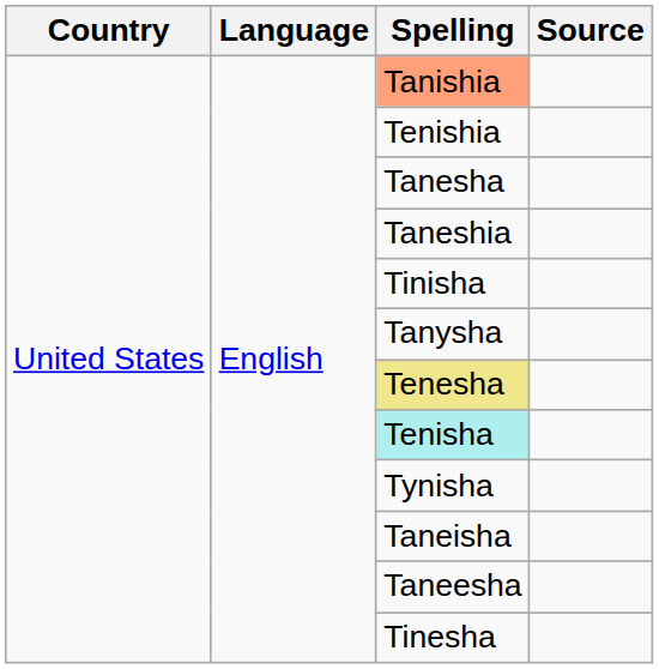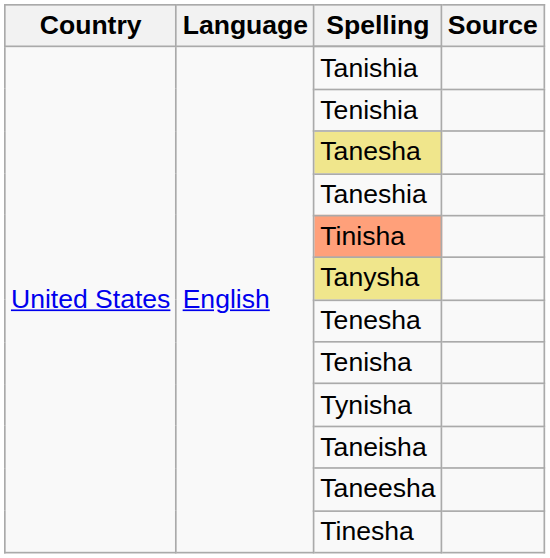 <table class="wikitable sortable">
 <tr>
 <th>Country</th>
 <th>Language</th>
 <th>Spelling</th>
 <th class="unsortable">Source</th>
 </tr>
 <tr>
 <td rowspan="13"><a href='#'>United States</a></td>
 <td rowspan="13"><a href='#'>English</a></td>
 </tr>
 <tr>
-<td style="background: lightsalmon;">Tanishia</td>
+<td>Tanishia</td>
 </tr>
 <tr>
 <td>Tenishia</td>
 <td></td>
 </tr>
 <tr>
-<td>Tanesha</td>
+<td style="background: khaki;">Tanesha</td>
 <td></td>
 </tr>
 <tr>
 <td>Taneshia</td>
 <td></td>
 </tr>
 <tr>
-<td>Tinisha</td>
+<td style="background: lightsalmon;">Tinisha</td>
 <td></td>
 </tr>
 <tr>
-<td>Tanysha</td>
+<td style="background: khaki;">Tanysha</td>
 <td></td>
 </tr>
 <tr>
-<td style="background: khaki;">Tenesha</td>
+<td>Tenesha</td>
 <td></td>
 </tr>
 <tr>
-<td style="background: paleturquoise;">Tenisha</td>
+<td>Tenisha</td>
 <td></td>
 </tr>
 <tr>
 <td>Tynisha</td>
 <td></td>
 </tr>
 <tr>
 <td>Taneisha</td>
 <td></td>
 </tr>
 <tr>
 <td>Taneesha</td>
 <td></td>
 </tr>
 <tr>
 <td>Tinesha</td>
 <td></td>
 </tr>
 </table>
